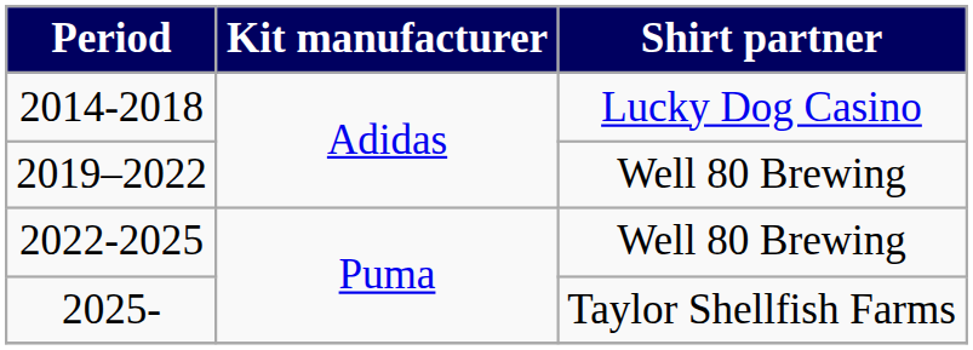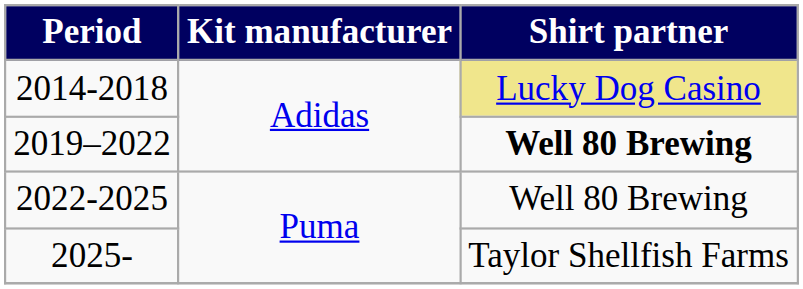 <table class="wikitable" style="text-align: center">
 <tr>
 <th style="color:white; background:#000060;">Period</th>
 <th style="color:white; background:#000060;">Kit manufacturer</th>
 <th style="color:white; background:#000060;">Shirt partner</th>
 </tr>
 <tr>
 <td>2014-2018</td>
 <td rowspan=2><a href='#'>Adidas</a></td>
-<td><a href='#'>Lucky Dog Casino</a></td>
+<td style="background: khaki;"><a href='#'>Lucky Dog Casino</a></td>
 </tr>
 <tr>
 <td>2019–2022</td>
-<td>Well 80 Brewing</td>
+<td><strong>Well 80 Brewing</strong></td>
 </tr>
 <tr>
 <td>2022-2025</td>
 <td rowspan=2><a href='#'>Puma</a></td>
 <td>Well 80 Brewing</td>
 </tr>
 <tr>
 <td>2025-</td>
 <td>Taylor Shellfish Farms</td>
 </tr>
 <tr>
 </tr>
 </table>
